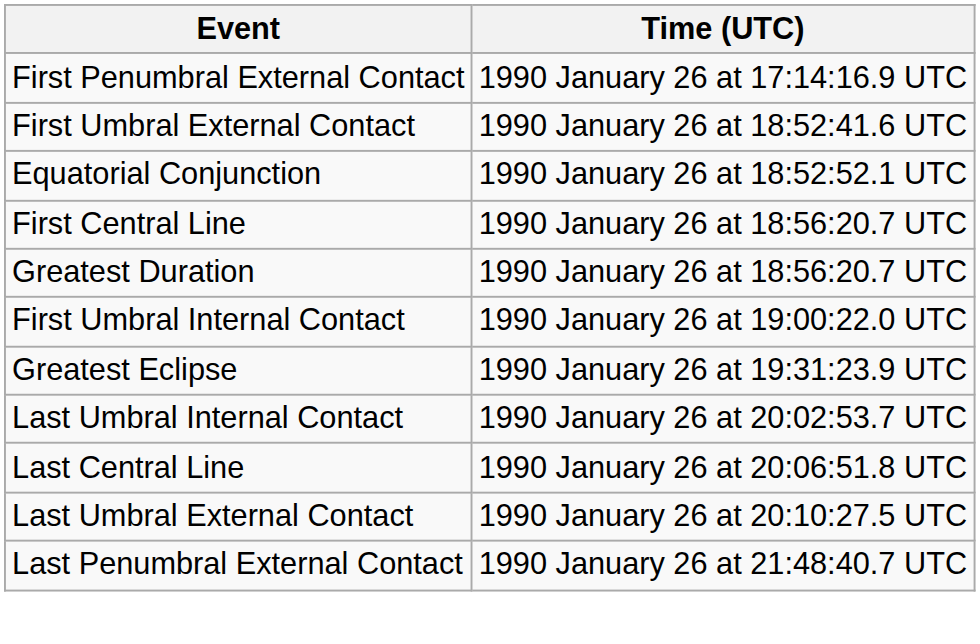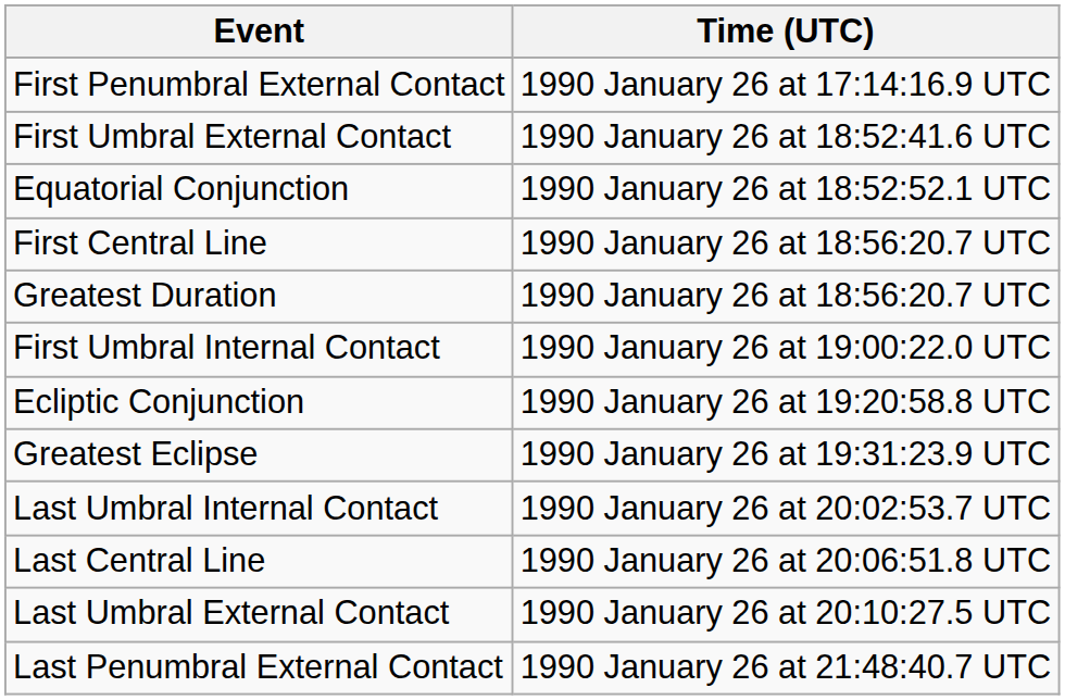 <table class="wikitable">
 <tr>
 <th>Event</th>
 <th>Time (UTC)</th>
 </tr>
 <tr>
 <td>First Penumbral External Contact</td>
 <td>1990 January 26 at 17:14:16.9 UTC</td>
 </tr>
 <tr>
 <td>First Umbral External Contact</td>
 <td>1990 January 26 at 18:52:41.6 UTC</td>
 </tr>
 <tr>
 <td>Equatorial Conjunction</td>
 <td>1990 January 26 at 18:52:52.1 UTC</td>
 </tr>
 <tr>
 <td>First Central Line</td>
 <td>1990 January 26 at 18:56:20.7 UTC</td>
 </tr>
 <tr>
 <td>Greatest Duration</td>
 <td>1990 January 26 at 18:56:20.7 UTC</td>
 </tr>
 <tr>
 <td>First Umbral Internal Contact</td>
 <td>1990 January 26 at 19:00:22.0 UTC</td>
 </tr>
 <tr>
+<td>Ecliptic Conjunction</td>
+<td>1990 January 26 at 19:20:58.8 UTC</td>
+</tr>
+<tr>
 <td>Greatest Eclipse</td>
 <td>1990 January 26 at 19:31:23.9 UTC</td>
 </tr>
 <tr>
 <td>Last Umbral Internal Contact</td>
 <td>1990 January 26 at 20:02:53.7 UTC</td>
 </tr>
 <tr>
 <td>Last Central Line</td>
 <td>1990 January 26 at 20:06:51.8 UTC</td>
 </tr>
 <tr>
 <td>Last Umbral External Contact</td>
 <td>1990 January 26 at 20:10:27.5 UTC</td>
 </tr>
 <tr>
 <td>Last Penumbral External Contact</td>
 <td>1990 January 26 at 21:48:40.7 UTC</td>
 </tr>
 </table>
